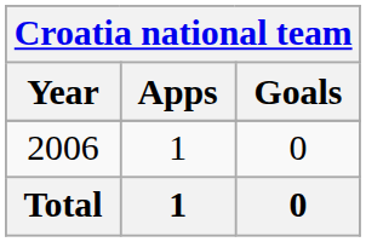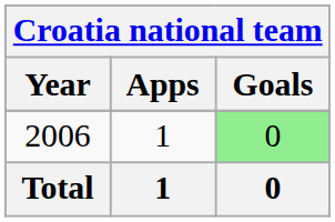 <table class="wikitable" style="text-align:center">
 <tr>
 <th colspan=3><a href='#'>Croatia national team</a></th>
 </tr>
 <tr>
 <th>Year</th>
 <th>Apps</th>
 <th>Goals</th>
 </tr>
 <tr>
 </tr>
 <tr>
 <td>2006</td>
 <td>1</td>
-<td>0</td>
+<td style="background: lightgreen;">0</td>
 </tr>
 <tr>
 <th>Total</th>
 <th>1</th>
 <th>0</th>
 </tr>
 </table>
